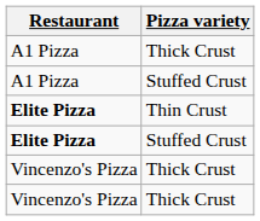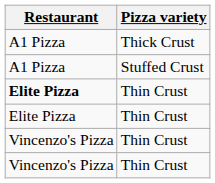 <table class="wikitable" style="margin: 10px; float:left;">
 <tr>
 <th><u>Restaurant</u></th>
 <th><u>Pizza variety</u></th>
 </tr>
 <tr>
 <td>A1 Pizza</td>
 <td>Thick Crust</td>
 </tr>
 <tr>
 <td>A1 Pizza</td>
 <td>Stuffed Crust</td>
 </tr>
 <tr>
 <td><strong>Elite Pizza</strong></td>
 <td>Thin Crust</td>
 </tr>
 <tr>
-<td><strong>Elite Pizza</strong></td>
-<td>Stuffed Crust</td>
+<td>Elite Pizza</td>
+<td>Thin Crust</td>
 </tr>
 <tr>
 <td>Vincenzo's Pizza</td>
-<td>Thick Crust</td>
+<td>Thin Crust</td>
 </tr>
 <tr>
 <td>Vincenzo's Pizza</td>
-<td>Thick Crust</td>
+<td>Thin Crust</td>
 </tr>
 </table>
